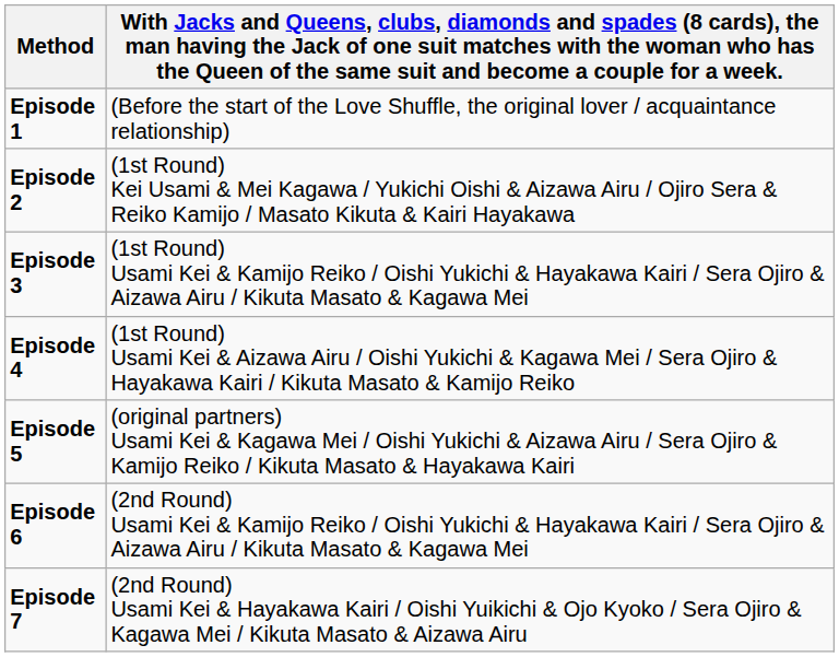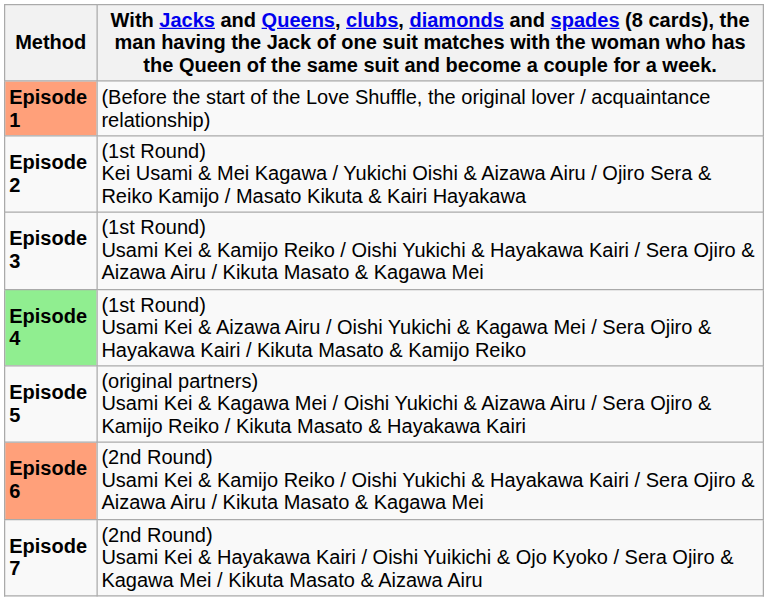 <table class="wikitable">
 <tr>
 <th>Method</th>
 <th>With <a href='#'>Jacks</a> and <a href='#'>Queens</a>, <a href='#'>clubs</a>, <a href='#'>diamonds</a> and <a href='#'>spades</a> (8 cards), the man having the Jack of one suit matches with the woman who has the Queen of the same suit and become a couple for a week.</th>
 </tr>
 <tr>
-<td><strong>Episode 1</strong></td>
+<td style="background: lightsalmon;"><strong>Episode 1</strong></td>
 <td>(Before the start of the Love Shuffle, the original lover / acquaintance relationship)</td>
 </tr>
 <tr>
 <td><strong>Episode 2</strong></td>
 <td>(1st Round)<br>Kei Usami & Mei Kagawa / Yukichi Oishi & Aizawa Airu / Ojiro Sera & Reiko Kamijo / Masato Kikuta & Kairi Hayakawa</td>
 </tr>
 <tr>
 <td><strong>Episode 3</strong></td>
 <td>(1st Round)<br>Usami Kei & Kamijo Reiko / Oishi Yukichi & Hayakawa Kairi / Sera Ojiro & Aizawa Airu / Kikuta Masato & Kagawa Mei</td>
 </tr>
 <tr>
-<td><strong>Episode 4</strong></td>
+<td style="background: lightgreen;"><strong>Episode 4</strong></td>
 <td>(1st Round)<br>Usami Kei & Aizawa Airu / Oishi Yukichi & Kagawa Mei / Sera Ojiro & Hayakawa Kairi / Kikuta Masato & Kamijo Reiko</td>
 </tr>
 <tr>
 <td><strong>Episode 5</strong></td>
 <td>(original partners)<br>Usami Kei & Kagawa Mei / Oishi Yukichi & Aizawa Airu / Sera Ojiro & Kamijo Reiko / Kikuta Masato & Hayakawa Kairi</td>
 </tr>
 <tr>
-<td><strong>Episode 6</strong></td>
+<td style="background: lightsalmon;"><strong>Episode 6</strong></td>
 <td>(2nd Round)<br>Usami Kei & Kamijo Reiko / Oishi Yukichi & Hayakawa Kairi / Sera Ojiro & Aizawa Airu / Kikuta Masato & Kagawa Mei</td>
 </tr>
 <tr>
 <td><strong>Episode 7</strong></td>
 <td>(2nd Round)<br>Usami Kei & Hayakawa Kairi / Oishi Yuikichi & Ojo Kyoko / Sera Ojiro & Kagawa Mei / Kikuta Masato & Aizawa Airu</td>
 </tr>
 </table>
